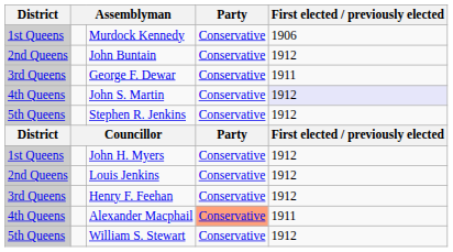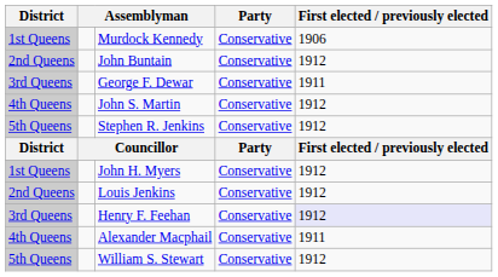 <table class="wikitable sortable">
 <tr>
 <th>District</th>
 <th colspan="2">Assemblyman</th>
 <th>Party</th>
 <th>First elected / previously elected</th>
 </tr>
 <tr>
 <td bgcolor="CCCCCC"><a href='#'>1st Queens</a></td>
 <td>   </td>
 <td><a href='#'>Murdock Kennedy</a></td>
 <td><a href='#'>Conservative</a></td>
 <td>1906</td>
 </tr>
 <tr>
 <td bgcolor="CCCCCC"><a href='#'>2nd Queens</a></td>
 <td>   </td>
 <td><a href='#'>John Buntain</a></td>
 <td><a href='#'>Conservative</a></td>
 <td>1912</td>
 </tr>
 <tr>
 <td bgcolor="CCCCCC"><a href='#'>3rd Queens</a></td>
 <td>   </td>
 <td><a href='#'>George F. Dewar</a></td>
 <td><a href='#'>Conservative</a></td>
 <td>1911</td>
 </tr>
 <tr>
 <td bgcolor="CCCCCC"><a href='#'>4th Queens</a></td>
 <td>   </td>
 <td><a href='#'>John S. Martin</a></td>
 <td><a href='#'>Conservative</a></td>
-<td style="background: lavender;">1912</td>
+<td>1912</td>
 </tr>
 <tr>
 <td bgcolor="CCCCCC"><a href='#'>5th Queens</a></td>
 <td>   </td>
 <td><a href='#'>Stephen R. Jenkins</a></td>
 <td><a href='#'>Conservative</a></td>
 <td>1912</td>
 </tr>
 <tr>
 <th>District</th>
 <th colspan="2">Councillor</th>
 <th>Party</th>
 <th>First elected / previously elected</th>
 </tr>
 <tr>
 <td bgcolor="CCCCCC"><a href='#'>1st Queens</a></td>
 <td>   </td>
 <td><a href='#'>John H. Myers</a></td>
 <td><a href='#'>Conservative</a></td>
 <td>1912</td>
 </tr>
 <tr>
 <td bgcolor="CCCCCC"><a href='#'>2nd Queens</a></td>
 <td>   </td>
 <td><a href='#'>Louis Jenkins</a></td>
 <td><a href='#'>Conservative</a></td>
 <td>1912</td>
 </tr>
 <tr>
 <td bgcolor="CCCCCC"><a href='#'>3rd Queens</a></td>
 <td>   </td>
 <td><a href='#'>Henry F. Feehan</a></td>
 <td><a href='#'>Conservative</a></td>
-<td>1912</td>
+<td style="background: lavender;">1912</td>
 </tr>
 <tr>
 <td bgcolor="CCCCCC"><a href='#'>4th Queens</a></td>
 <td>   </td>
 <td><a href='#'>Alexander Macphail</a></td>
-<td style="background: lightsalmon;"><a href='#'>Conservative</a></td>
+<td><a href='#'>Conservative</a></td>
 <td>1911</td>
 </tr>
 <tr>
 <td bgcolor="CCCCCC"><a href='#'>5th Queens</a></td>
 <td>   </td>
 <td><a href='#'>William S. Stewart</a></td>
 <td><a href='#'>Conservative</a></td>
 <td>1912</td>
 </tr>
 </table>
